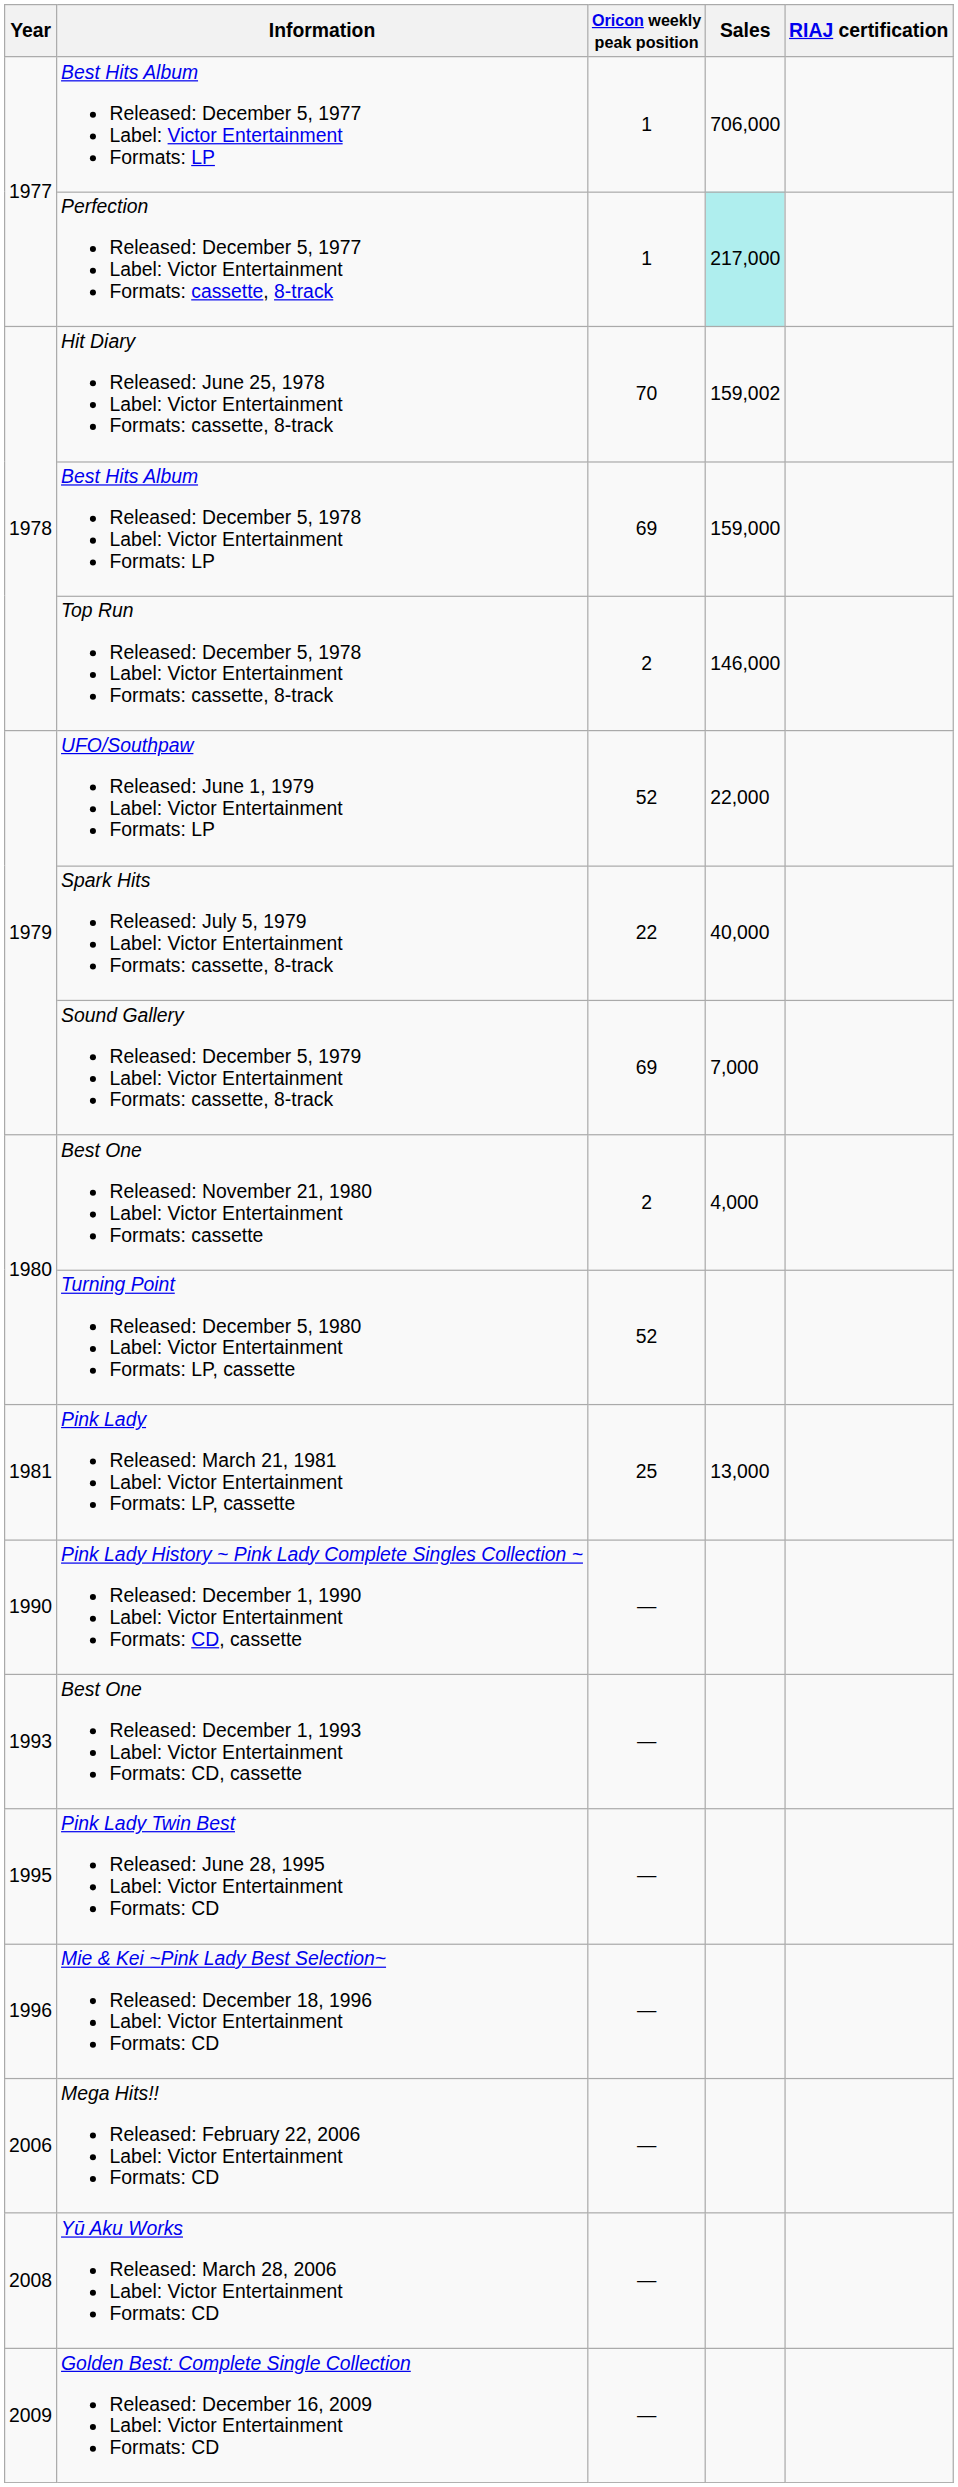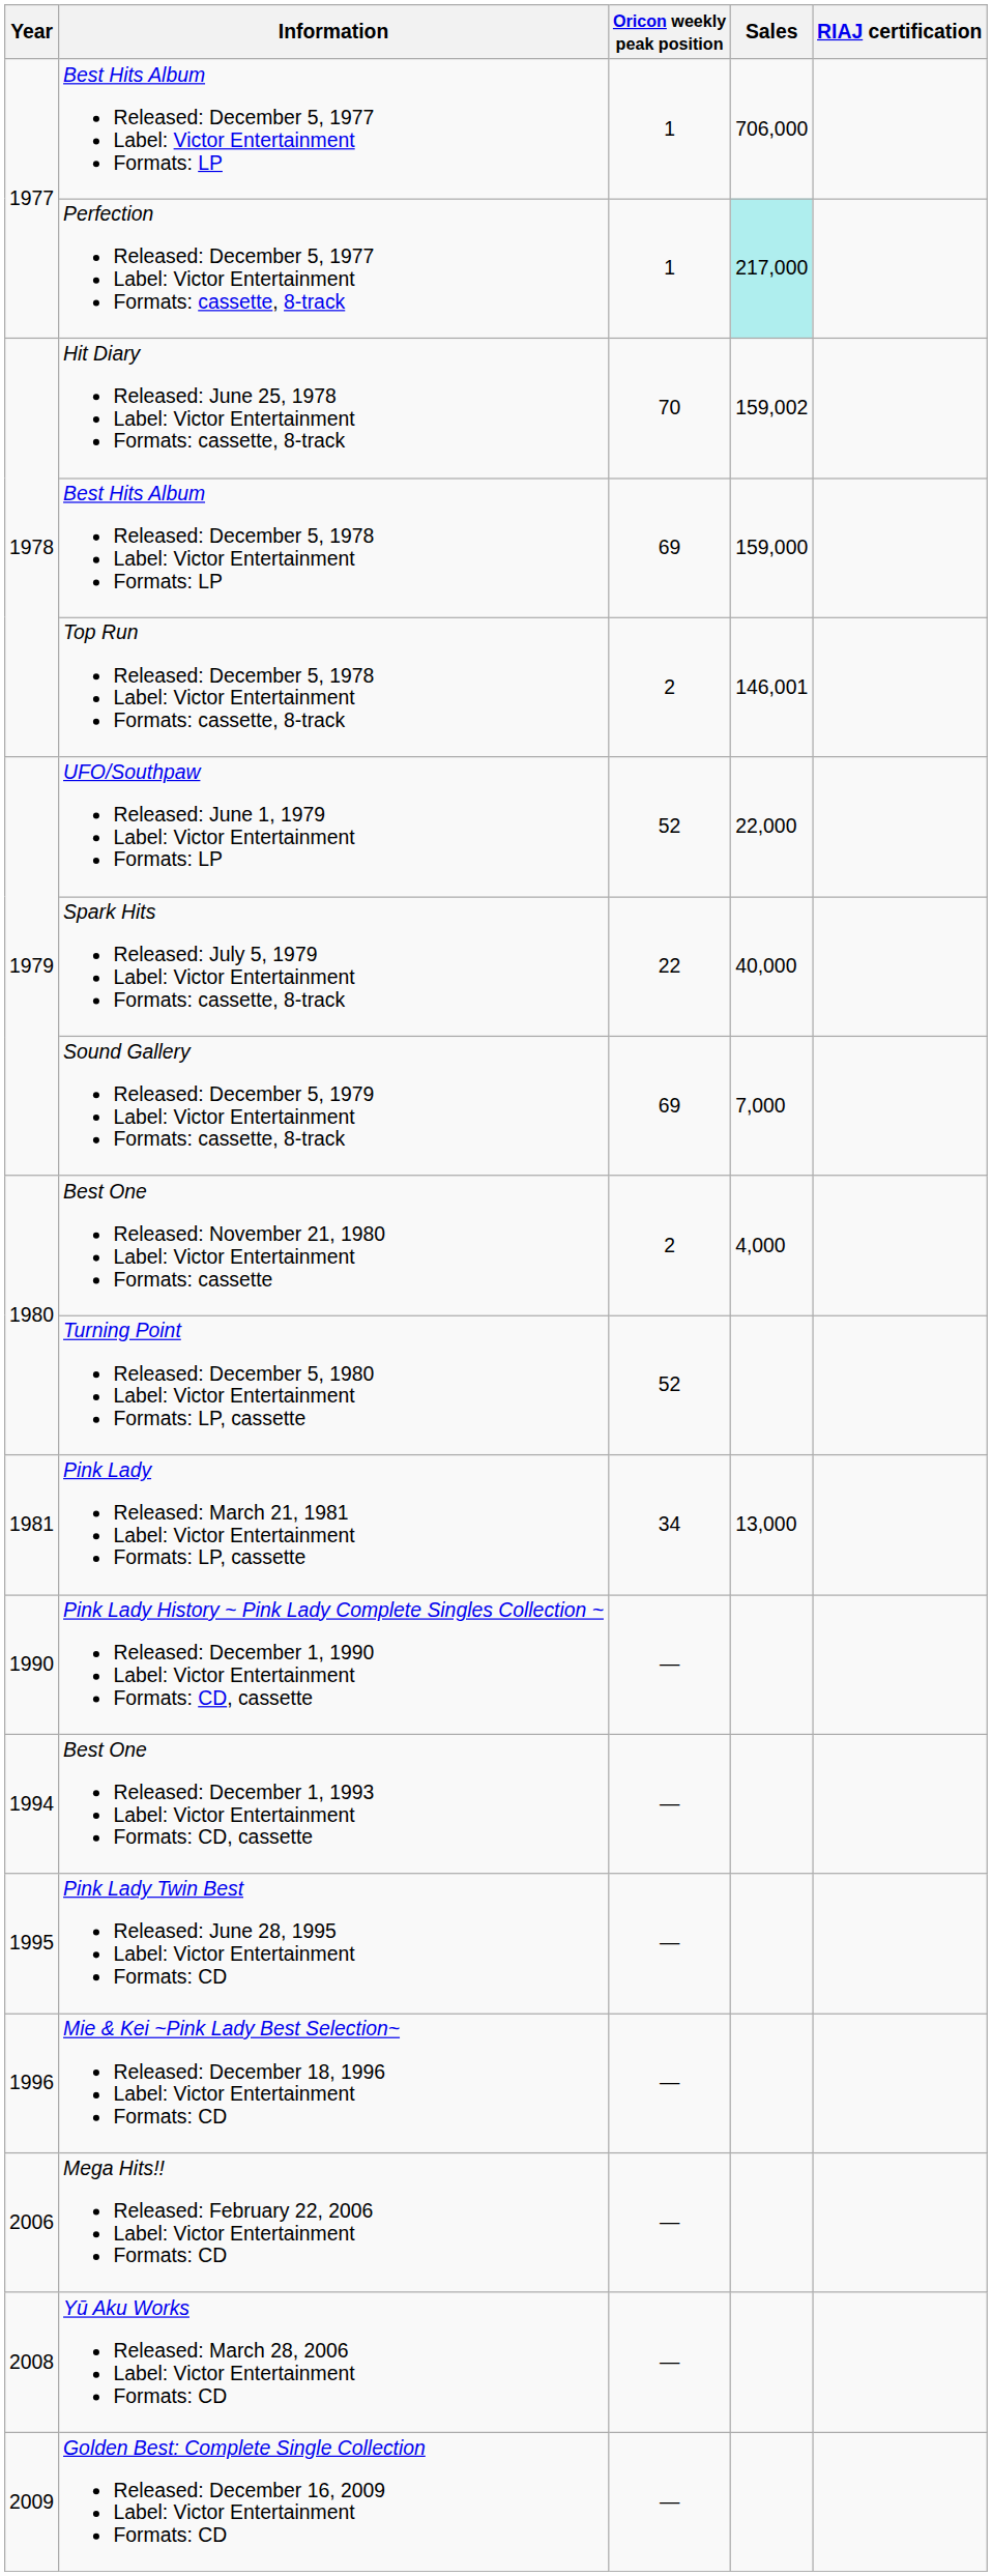 <table class="wikitable">
 <tr>
 <th>Year</th>
 <th>Information</th>
 <th><small><a href='#'>Oricon</a> weekly<br>peak position</small></th>
 <th>Sales<br></th>
 <th><a href='#'>RIAJ</a> certification</th>
 </tr>
 <tr>
 <td rowspan="2">1977</td>
 <td><em><a href='#'>Best Hits Album</a></em><br><ul><li>Released: December 5, 1977</li><li>Label: <a href='#'>Victor Entertainment</a></li><li>Formats: <a href='#'>LP</a></li></ul></td>
 <td style="text-align:center;">1</td>
 <td align="left">706,000</td>
 <td align="left"></td>
 </tr>
 <tr>
 <td><em>Perfection</em><br><ul><li>Released: December 5, 1977</li><li>Label: Victor Entertainment</li><li>Formats: <a href='#'>cassette</a>, <a href='#'>8-track</a></li></ul></td>
 <td style="text-align:center;">1</td>
 <td align="left" style="background: paleturquoise;">217,000</td>
 <td align="left"></td>
 </tr>
 <tr>
 <td rowspan="3">1978</td>
 <td><em>Hit Diary</em><br><ul><li>Released: June 25, 1978</li><li>Label: Victor Entertainment</li><li>Formats: cassette, 8-track</li></ul></td>
 <td style="text-align:center;">70</td>
 <td align="left">159,002</td>
 <td align="left"></td>
 </tr>
 <tr>
 <td><em><a href='#'>Best Hits Album</a></em><br><ul><li>Released: December 5, 1978</li><li>Label: Victor Entertainment</li><li>Formats: LP</li></ul></td>
 <td style="text-align:center;">69</td>
 <td align="left">159,000</td>
 <td align="left"></td>
 </tr>
 <tr>
 <td><em>Top Run</em><br><ul><li>Released: December 5, 1978</li><li>Label: Victor Entertainment</li><li>Formats: cassette, 8-track</li></ul></td>
 <td style="text-align:center;">2</td>
-<td align="left">146,000</td>
+<td align="left">146,001</td>
 <td align="left"></td>
 </tr>
 <tr>
 <td rowspan="3">1979</td>
 <td><em><a href='#'>UFO/Southpaw</a></em><br><ul><li>Released: June 1, 1979</li><li>Label: Victor Entertainment</li><li>Formats: LP</li></ul></td>
 <td style="text-align:center;">52</td>
 <td align="left">22,000</td>
 <td align="left"></td>
 </tr>
 <tr>
 <td><em>Spark Hits</em><br><ul><li>Released: July 5, 1979</li><li>Label: Victor Entertainment</li><li>Formats: cassette, 8-track</li></ul></td>
 <td style="text-align:center;">22</td>
 <td align="left">40,000</td>
 <td align="left"></td>
 </tr>
 <tr>
 <td><em>Sound Gallery</em><br><ul><li>Released: December 5, 1979</li><li>Label: Victor Entertainment</li><li>Formats: cassette, 8-track</li></ul></td>
 <td style="text-align:center;">69</td>
 <td align="left">7,000</td>
 <td align="left"></td>
 </tr>
 <tr>
 <td rowspan="2">1980</td>
 <td><em>Best One</em><br><ul><li>Released: November 21, 1980</li><li>Label: Victor Entertainment</li><li>Formats: cassette</li></ul></td>
 <td style="text-align:center;">2</td>
 <td align="left">4,000</td>
 <td align="left"></td>
 </tr>
 <tr>
 <td><em><a href='#'>Turning Point</a></em><br><ul><li>Released: December 5, 1980</li><li>Label: Victor Entertainment</li><li>Formats: LP, cassette</li></ul></td>
 <td style="text-align:center;">52</td>
 <td align="left"></td>
 <td align="left"></td>
 </tr>
 <tr>
 <td>1981</td>
 <td><em><a href='#'>Pink Lady</a></em><br><ul><li>Released: March 21, 1981</li><li>Label: Victor Entertainment</li><li>Formats: LP, cassette</li></ul></td>
-<td style="text-align:center;">25</td>
+<td style="text-align:center;">34</td>
 <td align="left">13,000</td>
 <td align="left"></td>
 </tr>
 <tr>
 <td>1990</td>
 <td><em><a href='#'>Pink Lady History ~ Pink Lady Complete Singles Collection ~</a></em><br><ul><li>Released: December 1, 1990</li><li>Label: Victor Entertainment</li><li>Formats: <a href='#'>CD</a>, cassette</li></ul></td>
 <td style="text-align:center;">—</td>
 <td align="left"></td>
 <td align="left"></td>
 </tr>
 <tr>
-<td>1993</td>
+<td>1994</td>
 <td><em>Best One</em><br><ul><li>Released: December 1, 1993</li><li>Label: Victor Entertainment</li><li>Formats: CD, cassette</li></ul></td>
 <td style="text-align:center;">—</td>
 <td align="left"></td>
 <td align="left"></td>
 </tr>
 <tr>
 <td>1995</td>
 <td><em><a href='#'>Pink Lady Twin Best</a></em><br><ul><li>Released: June 28, 1995</li><li>Label: Victor Entertainment</li><li>Formats: CD</li></ul></td>
 <td style="text-align:center;">—</td>
 <td align="left"></td>
 <td align="left"></td>
 </tr>
 <tr>
 <td>1996</td>
 <td><em><a href='#'>Mie & Kei ~Pink Lady Best Selection~</a></em><br><ul><li>Released: December 18, 1996</li><li>Label: Victor Entertainment</li><li>Formats: CD</li></ul></td>
 <td style="text-align:center;">—</td>
 <td align="left"></td>
 <td align="left"></td>
 </tr>
 <tr>
 <td>2006</td>
 <td><em>Mega Hits!!</em><br><ul><li>Released: February 22, 2006</li><li>Label: Victor Entertainment</li><li>Formats: CD</li></ul></td>
 <td style="text-align:center;">—</td>
 <td align="left"></td>
 <td align="left"></td>
 </tr>
 <tr>
 <td>2008</td>
 <td><em><a href='#'>Yū Aku Works</a></em><br><ul><li>Released: March 28, 2006</li><li>Label: Victor Entertainment</li><li>Formats: CD</li></ul></td>
 <td style="text-align:center;">—</td>
 <td align="left"></td>
 <td align="left"></td>
 </tr>
 <tr>
 <td>2009</td>
 <td><em><a href='#'>Golden Best: Complete Single Collection</a></em><br><ul><li>Released: December 16, 2009</li><li>Label: Victor Entertainment</li><li>Formats: CD</li></ul></td>
 <td style="text-align:center;">—</td>
 <td align="left"></td>
 <td align="left"></td>
 </tr>
 </table>
